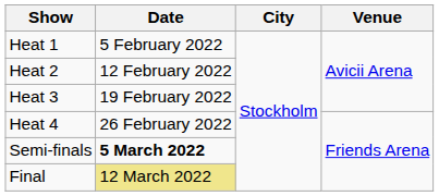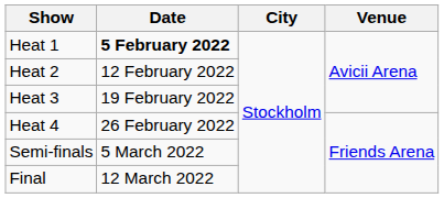 <table class="wikitable" style="margin: 1em auto 1em auto">
 <tr>
 <th>Show</th>
 <th>Date</th>
 <th>City</th>
 <th>Venue</th>
 </tr>
 <tr>
 <td>Heat 1</td>
-<td>5 February 2022</td>
+<td><strong>5 February 2022</strong></td>
 <td rowspan="6"><a href='#'>Stockholm</a></td>
 <td rowspan="3"><a href='#'>Avicii Arena</a></td>
 </tr>
 <tr>
 <td>Heat 2</td>
 <td>12 February 2022</td>
 </tr>
 <tr>
 <td>Heat 3</td>
 <td>19 February 2022</td>
 </tr>
 <tr>
 <td>Heat 4</td>
 <td>26 February 2022</td>
 <td rowspan="3"><a href='#'>Friends Arena</a></td>
 </tr>
 <tr>
 <td>Semi-finals</td>
-<td><strong>5 March 2022</strong></td>
+<td>5 March 2022</td>
 </tr>
 <tr>
 <td>Final</td>
-<td style="background: khaki;">12 March 2022</td>
+<td>12 March 2022</td>
 </tr>
 </table>
